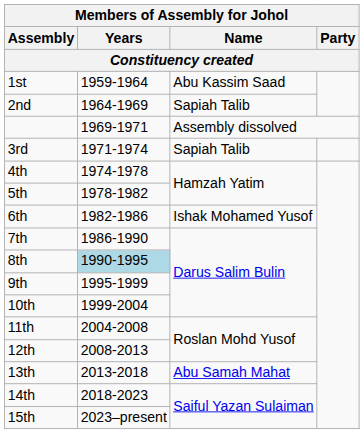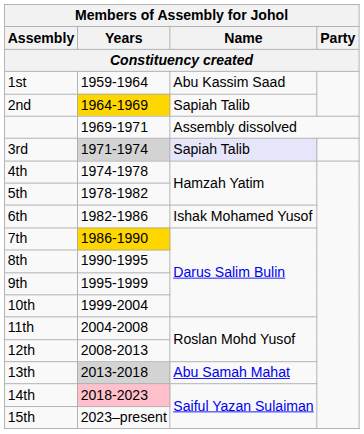 <table class="wikitable">
 <tr>
 <th colspan="4">Members of Assembly for Johol</th>
 </tr>
 <tr>
 <th>Assembly</th>
 <th>Years</th>
 <th>Name</th>
 <th>Party</th>
 </tr>
 <tr>
 <th colspan="4"><em>Constituency created</em></th>
 </tr>
 <tr>
 <td>1st</td>
 <td>1959-1964</td>
 <td>Abu Kassim Saad</td>
 <td rowspan="2"></td>
 </tr>
 <tr>
 <td>2nd</td>
-<td>1964-1969</td>
+<td style="background: gold;">1964-1969</td>
 <td>Sapiah Talib</td>
 </tr>
 <tr>
 <td></td>
 <td>1969-1971</td>
 <td colspan="2">Assembly dissolved</td>
 </tr>
 <tr>
 <td>3rd</td>
-<td>1971-1974</td>
-<td>Sapiah Talib</td>
+<td style="background: lightgrey;">1971-1974</td>
+<td style="background: lavender;">Sapiah Talib</td>
 <td></td>
 </tr>
 <tr>
 <td>4th</td>
 <td>1974-1978</td>
 <td rowspan="2">Hamzah Yatim</td>
 <td rowspan="12"></td>
 </tr>
 <tr>
 <td>5th</td>
 <td>1978-1982</td>
 </tr>
 <tr>
 <td>6th</td>
 <td>1982-1986</td>
 <td>Ishak Mohamed Yusof</td>
 </tr>
 <tr>
 <td>7th</td>
-<td>1986-1990</td>
+<td style="background: gold;">1986-1990</td>
 <td rowspan="4"><a href='#'>Darus Salim Bulin</a></td>
 </tr>
 <tr>
 <td>8th</td>
-<td style="background: lightblue;">1990-1995</td>
+<td>1990-1995</td>
 </tr>
 <tr>
 <td>9th</td>
 <td>1995-1999</td>
 </tr>
 <tr>
 <td>10th</td>
 <td>1999-2004</td>
 </tr>
 <tr>
 <td>11th</td>
 <td>2004-2008</td>
 <td rowspan="2">Roslan Mohd Yusof</td>
 </tr>
 <tr>
 <td>12th</td>
 <td>2008-2013</td>
 </tr>
 <tr>
 <td>13th</td>
-<td>2013-2018</td>
+<td style="background: lightgrey;">2013-2018</td>
 <td><a href='#'>Abu Samah Mahat</a></td>
 </tr>
 <tr>
 <td>14th</td>
-<td>2018-2023</td>
+<td style="background: pink;">2018-2023</td>
 <td rowspan=2><a href='#'>Saiful Yazan Sulaiman</a></td>
 </tr>
 <tr>
 <td>15th</td>
 <td>2023–present</td>
 </tr>
 </table>
